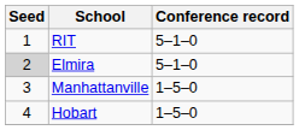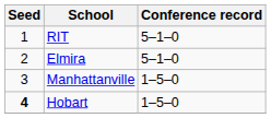 <table class="wikitable">
 <tr>
 <th>Seed</th>
 <th>School</th>
 <th>Conference record</th>
 </tr>
 <tr>
 <td align=center>1</td>
 <td><a href='#'>RIT</a></td>
 <td>5–1–0</td>
 </tr>
 <tr>
-<td align=center style="background: lightgrey;">2</td>
+<td align=center>2</td>
 <td><a href='#'>Elmira</a></td>
 <td>5–1–0</td>
 </tr>
 <tr>
 <td align=center>3</td>
 <td><a href='#'>Manhattanville</a></td>
 <td>1–5–0</td>
 </tr>
 <tr>
-<td align=center>4</td>
+<td align=center><strong>4</strong></td>
 <td><a href='#'>Hobart</a></td>
 <td>1–5–0</td>
 </tr>
 <tr>
 </tr>
 </table>
